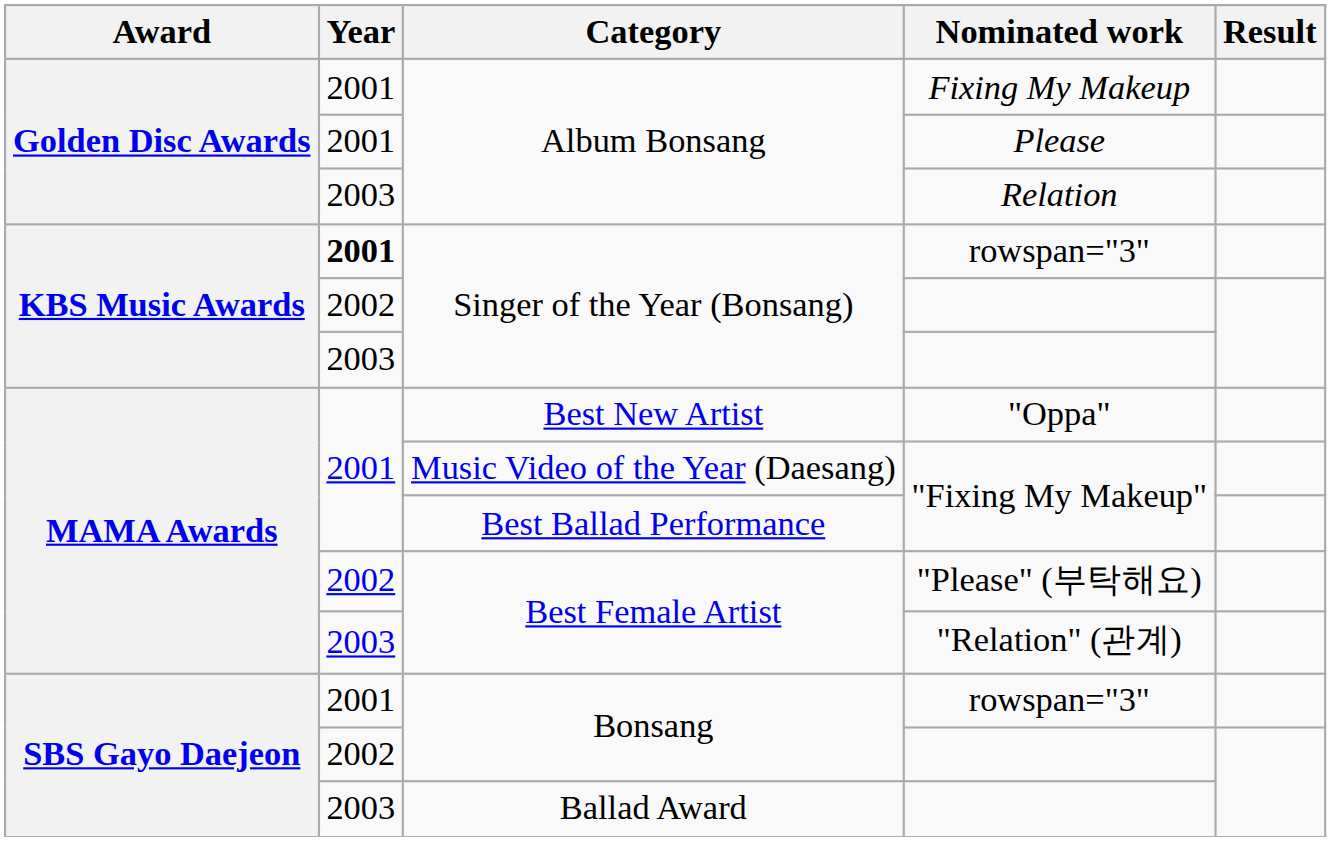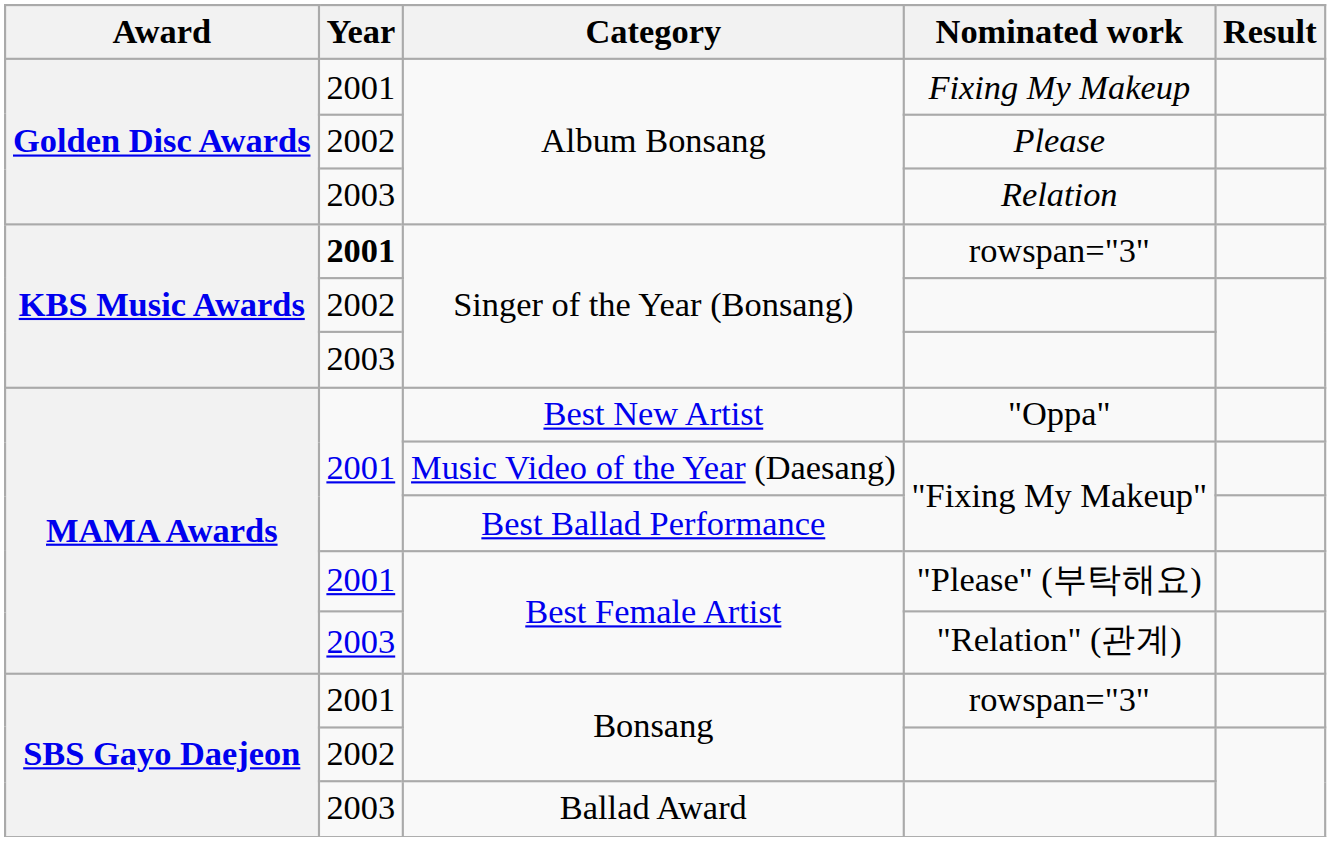 <table class="wikitable plainrowheaders" style="text-align:center;">
 <tr>
 <th>Award</th>
 <th>Year</th>
 <th>Category</th>
 <th>Nominated work</th>
 <th>Result</th>
 </tr>
 <tr>
 <th scope="row" rowspan="3"><a href='#'>Golden Disc Awards</a></th>
 <td>2001</td>
 <td rowspan="3">Album Bonsang</td>
 <td><em>Fixing My Makeup</em></td>
 <td></td>
 </tr>
 <tr>
-<td>2001</td>
+<td>2002</td>
 <td><em>Please</em></td>
 <td></td>
 </tr>
 <tr>
 <td>2003</td>
 <td><em>Relation</em></td>
 <td></td>
 </tr>
 <tr>
 <th scope="row" rowspan="3"><a href='#'>KBS Music Awards</a></th>
 <td><strong>2001</strong></td>
 <td rowspan="3">Singer of the Year (Bonsang)</td>
 <td>rowspan="3" </td>
 <td></td>
 </tr>
 <tr>
 <td>2002</td>
 <td></td>
 </tr>
 <tr>
 <td>2003</td>
 <td></td>
 </tr>
 <tr>
 <th rowspan="5" scope="row"><a href='#'>MAMA Awards</a></th>
 <td rowspan="3"><a href='#'>2001</a></td>
 <td><a href='#'>Best New Artist</a></td>
 <td>"Oppa"</td>
 <td></td>
 </tr>
 <tr>
 <td><a href='#'>Music Video of the Year</a> (Daesang)</td>
 <td rowspan="2">"Fixing My Makeup"</td>
 <td></td>
 </tr>
 <tr>
 <td><a href='#'>Best Ballad Performance</a></td>
 <td></td>
 </tr>
 <tr>
-<td><a href='#'>2002</a></td>
+<td><a href='#'>2001</a></td>
 <td rowspan=2><a href='#'>Best Female Artist</a></td>
 <td>"Please" (부탁해요)</td>
 <td></td>
 </tr>
 <tr>
 <td><a href='#'>2003</a></td>
 <td>"Relation" (관계)</td>
 <td></td>
 </tr>
 <tr>
 <th scope="row" rowspan="3"><a href='#'>SBS Gayo Daejeon</a></th>
 <td>2001</td>
 <td rowspan="2">Bonsang</td>
 <td>rowspan="3" </td>
 <td></td>
 </tr>
 <tr>
 <td>2002</td>
 <td></td>
 </tr>
 <tr>
 <td>2003</td>
 <td>Ballad Award</td>
 <td></td>
 </tr>
 </table>
